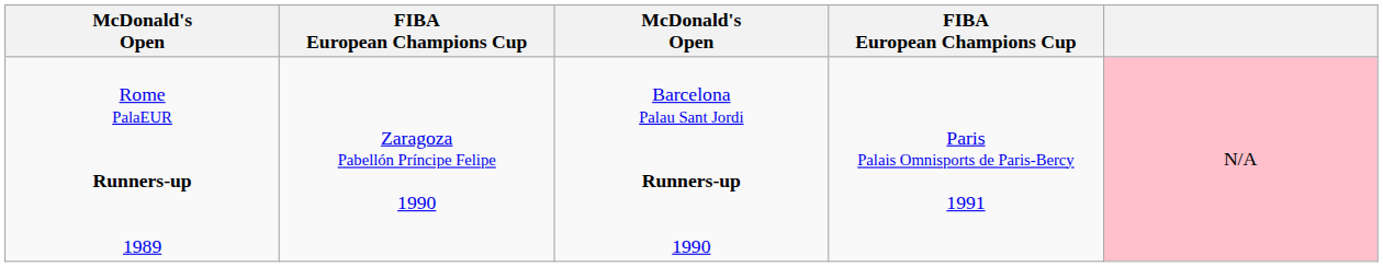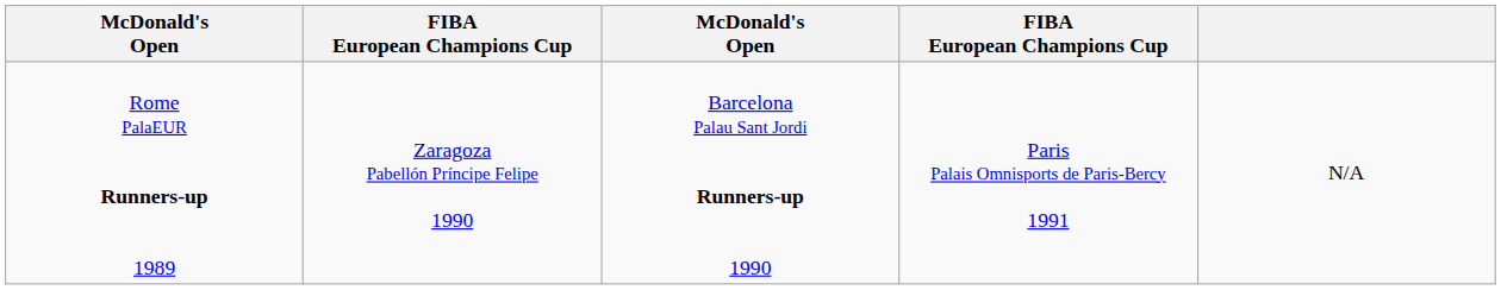 <table class="wikitable" style="text-align:center">
 <tr style="font-size:100%">
 <th width=220>McDonald's<br>Open</th>
 <th width=220>FIBA<br>European Champions Cup</th>
 <th width=220>McDonald's<br>Open</th>
 <th width=220>FIBA<br>European Champions Cup</th>
 <th width=220></th>
 </tr>
 <tr>
 <td><br><a href='#'>Rome</a><br><small><a href='#'>PalaEUR</a></small><br><br><br><strong>Runners-up</strong><br><br><br><a href='#'>1989</a></td>
 <td><br><a href='#'>Zaragoza</a><br><small><a href='#'>Pabellón Príncipe Felipe</a></small><br><br><a href='#'>1990</a></td>
 <td><br><a href='#'>Barcelona</a><br><small><a href='#'>Palau Sant Jordi</a></small><br><br><br><strong>Runners-up</strong><br><br><br><a href='#'>1990</a></td>
 <td><br><a href='#'>Paris</a><br><small><a href='#'>Palais Omnisports de Paris-Bercy</a></small><br><br><a href='#'>1991</a></td>
-<td style="background: pink;">N/A</td>
+<td>N/A</td>
 </tr>
 </table>
